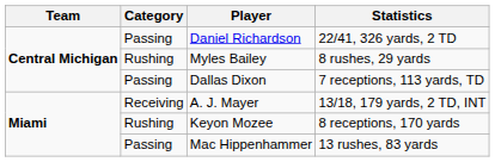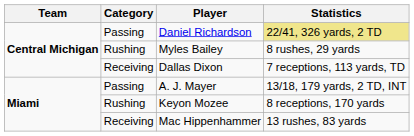 <table class="wikitable" style="float: left;">
 <tr>
 <th>Team</th>
 <th>Category</th>
 <th>Player</th>
 <th>Statistics</th>
 </tr>
 <tr>
 <td rowspan=3><strong>Central Michigan</strong></td>
 <td>Passing</td>
 <td><a href='#'>Daniel Richardson</a></td>
-<td>22/41, 326 yards, 2 TD</td>
+<td style="background: khaki;">22/41, 326 yards, 2 TD</td>
 </tr>
 <tr>
 <td>Rushing</td>
 <td>Myles Bailey</td>
 <td>8 rushes, 29 yards</td>
 </tr>
 <tr>
-<td>Passing</td>
+<td>Receiving</td>
 <td>Dallas Dixon</td>
 <td>7 receptions, 113 yards, TD</td>
 </tr>
 <tr>
 <td rowspan=3><strong>Miami</strong></td>
-<td>Receiving</td>
+<td>Passing</td>
 <td>A. J. Mayer</td>
 <td>13/18, 179 yards, 2 TD, INT</td>
 </tr>
 <tr>
 <td>Rushing</td>
 <td>Keyon Mozee</td>
 <td>8 receptions, 170 yards</td>
 </tr>
 <tr>
-<td>Passing</td>
+<td>Receiving</td>
 <td>Mac Hippenhammer</td>
 <td>13 rushes, 83 yards</td>
 </tr>
 </table>
